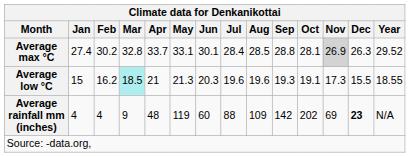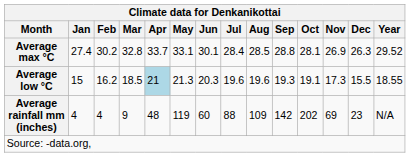 <table class="wikitable mw-collapsible">
 <tr>
 <th colspan="14">Climate data for Denkanikottai</th>
 </tr>
 <tr>
 <th>Month</th>
 <th>Jan</th>
 <th>Feb</th>
 <th>Mar</th>
 <th>Apr</th>
 <th>May</th>
 <th>Jun</th>
 <th>Jul</th>
 <th>Aug</th>
 <th>Sep</th>
 <th>Oct</th>
 <th>Nov</th>
 <th>Dec</th>
 <th>Year</th>
 </tr>
 <tr>
 <th>Average max °C</th>
 <td>27.4</td>
 <td>30.2</td>
 <td>32.8</td>
 <td>33.7</td>
 <td>33.1</td>
 <td>30.1</td>
 <td>28.4</td>
 <td>28.5</td>
 <td>28.8</td>
 <td>28.1</td>
-<td style="background: lightgrey;">26.9</td>
+<td>26.9</td>
 <td>26.3</td>
 <td>29.52</td>
 </tr>
 <tr>
 <th>Average low °C</th>
 <td>15</td>
 <td>16.2</td>
-<td style="background: paleturquoise;">18.5</td>
-<td>21</td>
+<td>18.5</td>
+<td style="background: lightblue;">21</td>
 <td>21.3</td>
 <td>20.3</td>
 <td>19.6</td>
 <td>19.6</td>
 <td>19.3</td>
 <td>19.1</td>
 <td>17.3</td>
 <td>15.5</td>
 <td>18.55</td>
 </tr>
 <tr>
 <th>Average rainfall mm (inches)</th>
 <td>4</td>
 <td>4</td>
 <td>9</td>
 <td>48</td>
 <td>119</td>
 <td>60</td>
 <td>88</td>
 <td>109</td>
 <td>142</td>
 <td>202</td>
 <td>69</td>
-<td><strong>23</strong></td>
+<td>23</td>
 <td>N/A</td>
 </tr>
 <tr>
 <td colspan="14">Source: -data.org,<br></td>
 </tr>
 </table>
